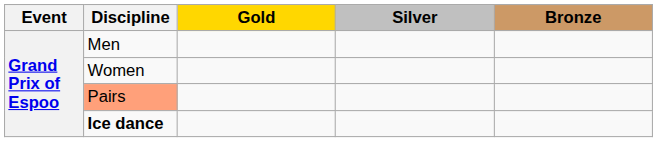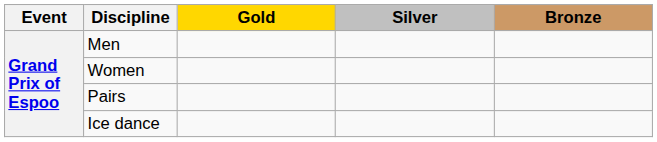 <table class="wikitable unsortable" style="text-align:left; width:100%;">
 <tr>
 <th scope="col" style="width:10%">Event</th>
 <th scope="col" style="width:5%">Discipline</th>
 <td scope="col" style="text-align:center; width:20%; background:gold"><strong>Gold</strong></td>
 <td scope="col" style="text-align:center; width:20%; background:silver"><strong>Silver</strong></td>
 <td scope="col" style="text-align:center; width:20%; background:#c96"><strong>Bronze</strong></td>
 </tr>
 <tr>
 <th scope="row" style="text-align:left" rowspan="4"> <a href='#'>Grand Prix of Espoo</a></th>
 <td>Men</td>
 <td></td>
 <td></td>
 <td></td>
 </tr>
 <tr>
 <td>Women</td>
 <td></td>
 <td></td>
 <td></td>
 </tr>
 <tr>
-<td style="background: lightsalmon;">Pairs</td>
+<td>Pairs</td>
 <td></td>
 <td></td>
 <td></td>
 </tr>
 <tr>
-<td><strong>Ice dance</strong></td>
+<td>Ice dance</td>
 <td></td>
 <td></td>
 <td></td>
 </tr>
 </table>
